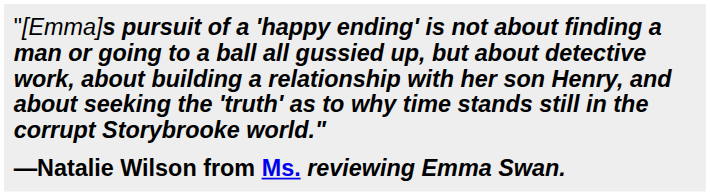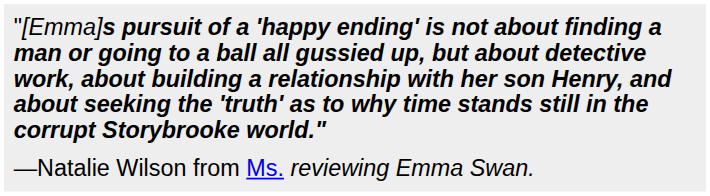 <table class="toccolours" style="float:left; margin-left:1em; margin-right:2em; font-size:85%; background:#eee; color:black; width:30em; max-width:40%;" cellspacing="5">
 <tr>
 <td style="text-align: left;">"<em>[Emma]<strong>s pursuit of a 'happy ending' is not about finding a man or going to a ball all gussied up, but about detective work, about building a relationship with her son Henry, and about seeking the 'truth' as to why time stands still in the corrupt Storybrooke world."</td>
 </tr>
 <tr>
-<td style="text-align: left;"><strong>—Natalie Wilson from </em><a href='#'>Ms.</a><em> reviewing Emma Swan.</strong></td>
+<td style="text-align: left;">—Natalie Wilson from </em><a href='#'>Ms.</a><em> reviewing Emma Swan.</td>
 </tr>
 </table>
